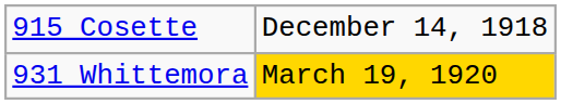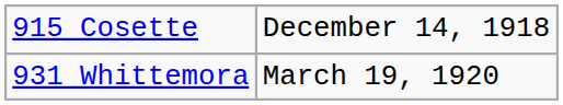 <table class="wikitable floatright" style="font-size: 0.9em;">
 <tr>
 <td><a href='#'>915 Cosette</a></td>
 <td>December 14, 1918</td>
 </tr>
 <tr>
 <td><a href='#'>931 Whittemora</a></td>
-<td style="background: gold;">March 19, 1920</td>
+<td>March 19, 1920</td>
 </tr>
 </table>
